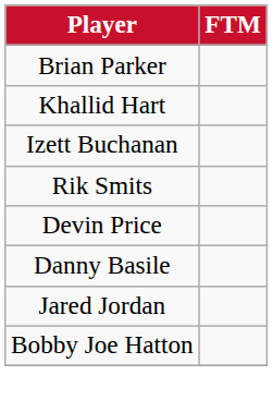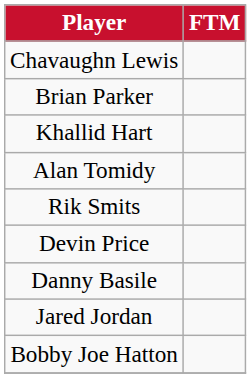 <table class="wikitable sortable" style="text-align:center">
 <tr>
 <th style="background:#C8102E; color:#FFFFFF;">Player</th>
 <th style="background:#C8102E; color:#FFFFFF;">FTM</th>
+</tr>
+<tr>
+<td>Chavaughn Lewis</td>
+<td></td>
 </tr>
 <tr>
 <td>Brian Parker</td>
 <td></td>
 </tr>
 <tr>
 <td>Khallid Hart</td>
 <td></td>
 </tr>
 <tr>
-<td>Izett Buchanan</td>
+<td>Alan Tomidy</td>
 <td></td>
 </tr>
 <tr>
 <td>Rik Smits</td>
 <td></td>
 </tr>
 <tr>
 <td>Devin Price</td>
 <td></td>
 </tr>
 <tr>
 <td>Danny Basile</td>
 <td></td>
 </tr>
 <tr>
 <td>Jared Jordan</td>
 <td></td>
 </tr>
 <tr>
 <td>Bobby Joe Hatton</td>
 <td></td>
 </tr>
 <tr>
 </tr>
 </table>
